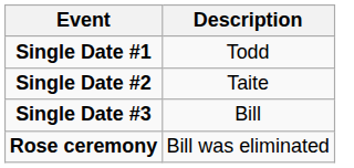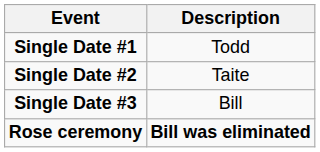 <table class="wikitable sortable" style="text-align:center;">
 <tr>
 <th>Event</th>
 <th>Description</th>
 </tr>
 <tr>
 <td><strong>Single Date #1</strong></td>
 <td>Todd</td>
 </tr>
 <tr>
 <td><strong>Single Date #2</strong></td>
 <td>Taite</td>
 </tr>
 <tr>
 <td><strong>Single Date #3</strong></td>
 <td>Bill</td>
 </tr>
 <tr>
 <td><strong>Rose ceremony</strong></td>
-<td>Bill was eliminated</td>
+<td><strong>Bill was eliminated</strong></td>
 </tr>
 </table>
